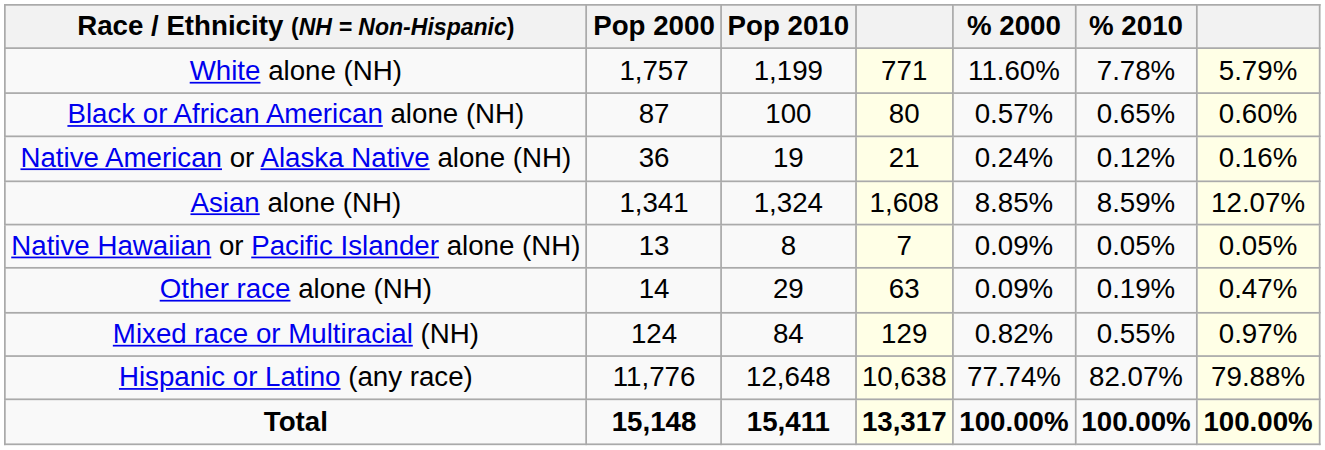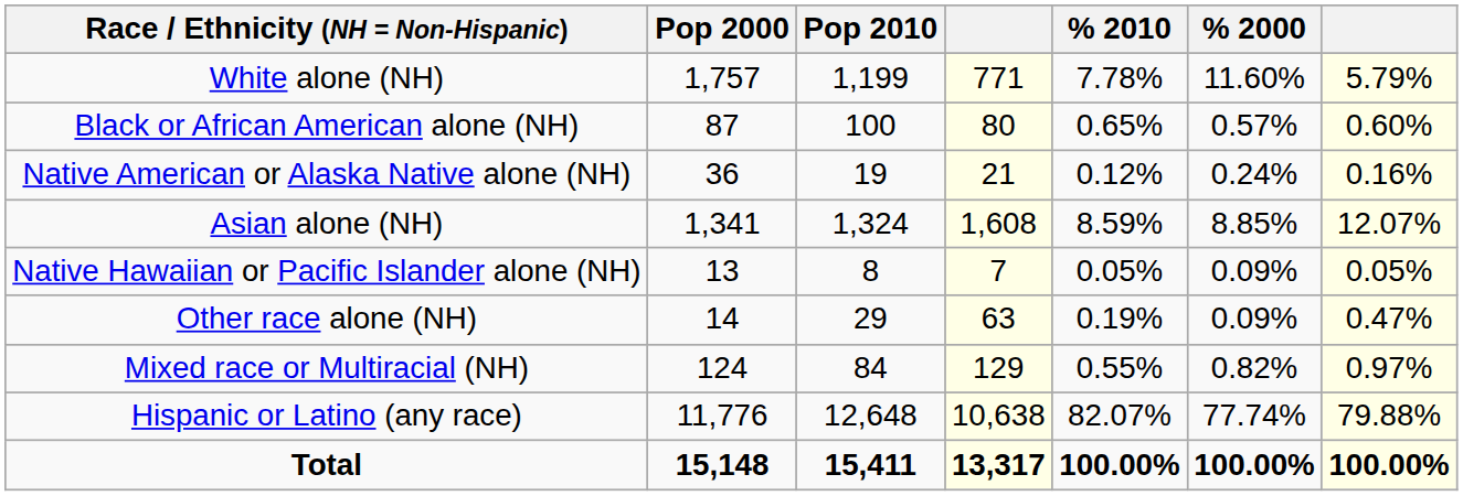 <table class="wikitable" style="text-align:center;">
 <tr>
 <th>Race / Ethnicity <small>(<em>NH = Non-Hispanic</em>)</small></th>
 <th>Pop 2000</th>
 <th>Pop 2010</th>
 <th></th>
+<th>% 2010</th>
 <th>% 2000</th>
-<th>% 2010</th>
 <th></th>
 </tr>
 <tr>
 <td><a href='#'>White</a> alone (NH)</td>
 <td>1,757</td>
 <td>1,199</td>
 <td style='background: #ffffe6;'>771</td>
+<td>7.78%</td>
 <td>11.60%</td>
-<td>7.78%</td>
 <td style='background: #ffffe6;'>5.79%</td>
 </tr>
 <tr>
 <td><a href='#'>Black or African American</a> alone (NH)</td>
 <td>87</td>
 <td>100</td>
 <td style='background: #ffffe6;'>80</td>
+<td>0.65%</td>
 <td>0.57%</td>
-<td>0.65%</td>
 <td style='background: #ffffe6;'>0.60%</td>
 </tr>
 <tr>
 <td><a href='#'>Native American</a> or <a href='#'>Alaska Native</a> alone (NH)</td>
 <td>36</td>
 <td>19</td>
 <td style='background: #ffffe6;'>21</td>
+<td>0.12%</td>
 <td>0.24%</td>
-<td>0.12%</td>
 <td style='background: #ffffe6;'>0.16%</td>
 </tr>
 <tr>
 <td><a href='#'>Asian</a> alone (NH)</td>
 <td>1,341</td>
 <td>1,324</td>
 <td style='background: #ffffe6;'>1,608</td>
+<td>8.59%</td>
 <td>8.85%</td>
-<td>8.59%</td>
 <td style='background: #ffffe6;'>12.07%</td>
 </tr>
 <tr>
 <td><a href='#'>Native Hawaiian</a> or <a href='#'>Pacific Islander</a> alone (NH)</td>
 <td>13</td>
 <td>8</td>
 <td style='background: #ffffe6;'>7</td>
+<td>0.05%</td>
 <td>0.09%</td>
-<td>0.05%</td>
 <td style='background: #ffffe6;'>0.05%</td>
 </tr>
 <tr>
 <td><a href='#'>Other race</a> alone (NH)</td>
 <td>14</td>
 <td>29</td>
 <td style='background: #ffffe6;'>63</td>
+<td>0.19%</td>
 <td>0.09%</td>
-<td>0.19%</td>
 <td style='background: #ffffe6;'>0.47%</td>
 </tr>
 <tr>
 <td><a href='#'>Mixed race or Multiracial</a> (NH)</td>
 <td>124</td>
 <td>84</td>
 <td style='background: #ffffe6;'>129</td>
+<td>0.55%</td>
 <td>0.82%</td>
-<td>0.55%</td>
 <td style='background: #ffffe6;'>0.97%</td>
 </tr>
 <tr>
 <td><a href='#'>Hispanic or Latino</a> (any race)</td>
 <td>11,776</td>
 <td>12,648</td>
 <td style='background: #ffffe6;'>10,638</td>
+<td>82.07%</td>
 <td>77.74%</td>
-<td>82.07%</td>
 <td style='background: #ffffe6;'>79.88%</td>
 </tr>
 <tr>
 <td><strong>Total</strong></td>
 <td><strong>15,148</strong></td>
 <td><strong>15,411</strong></td>
 <td style='background: #ffffe6;'><strong>13,317</strong></td>
 <td><strong>100.00%</strong></td>
 <td><strong>100.00%</strong></td>
 <td style='background: #ffffe6;'><strong>100.00%</strong></td>
 </tr>
 </table>
